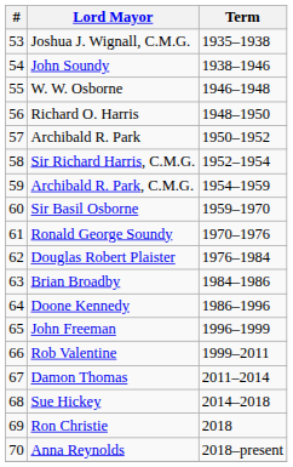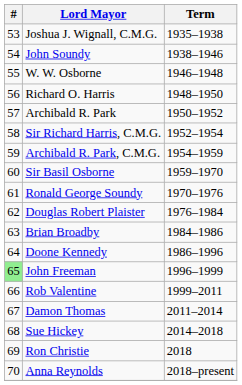 <table class="wikitable">
 <tr>
 <th>#</th>
 <th><a href='#'>Lord Mayor</a></th>
 <th>Term</th>
 </tr>
 <tr>
 <td>53</td>
 <td>Joshua J. Wignall, C.M.G.</td>
 <td>1935–1938</td>
 </tr>
 <tr>
 <td>54</td>
 <td><a href='#'>John Soundy</a></td>
 <td>1938–1946</td>
 </tr>
 <tr>
 <td>55</td>
 <td>W. W. Osborne</td>
 <td>1946–1948</td>
 </tr>
 <tr>
 <td>56</td>
 <td>Richard O. Harris</td>
 <td>1948–1950</td>
 </tr>
 <tr>
 <td>57</td>
 <td>Archibald R. Park</td>
 <td>1950–1952</td>
 </tr>
 <tr>
 <td>58</td>
 <td><a href='#'>Sir Richard Harris</a>, C.M.G.</td>
 <td>1952–1954</td>
 </tr>
 <tr>
 <td>59</td>
 <td><a href='#'>Archibald R. Park</a>, C.M.G.</td>
 <td>1954–1959</td>
 </tr>
 <tr>
 <td>60</td>
 <td><a href='#'>Sir Basil Osborne</a></td>
 <td>1959–1970</td>
 </tr>
 <tr>
 <td>61</td>
 <td><a href='#'>Ronald George Soundy</a></td>
 <td>1970–1976</td>
 </tr>
 <tr>
 <td>62</td>
 <td><a href='#'>Douglas Robert Plaister</a></td>
 <td>1976–1984</td>
 </tr>
 <tr>
 <td>63</td>
 <td><a href='#'>Brian Broadby</a></td>
 <td>1984–1986</td>
 </tr>
 <tr>
 <td>64</td>
 <td><a href='#'>Doone Kennedy</a></td>
 <td>1986–1996</td>
 </tr>
 <tr>
-<td>65</td>
+<td style="background: lightgreen;">65</td>
 <td><a href='#'>John Freeman</a></td>
 <td>1996–1999</td>
 </tr>
 <tr>
 <td>66</td>
 <td><a href='#'>Rob Valentine</a></td>
 <td>1999–2011</td>
 </tr>
 <tr>
 <td>67</td>
 <td><a href='#'>Damon Thomas</a></td>
 <td>2011–2014</td>
 </tr>
 <tr>
 <td>68</td>
 <td><a href='#'>Sue Hickey</a></td>
 <td>2014–2018</td>
 </tr>
 <tr>
 <td>69</td>
 <td><a href='#'>Ron Christie</a></td>
 <td>2018</td>
 </tr>
 <tr>
 <td>70</td>
 <td><a href='#'>Anna Reynolds</a></td>
 <td>2018–present</td>
 </tr>
 <tr>
 </tr>
 </table>
